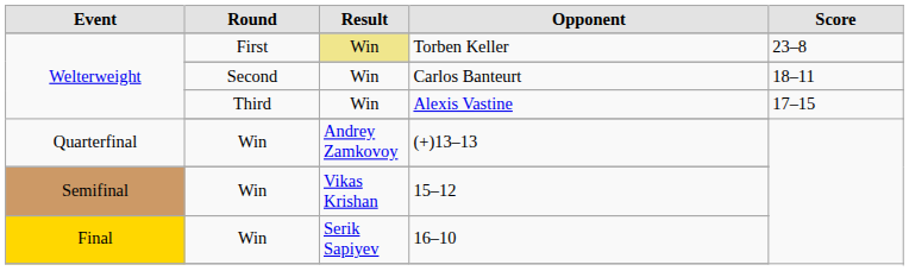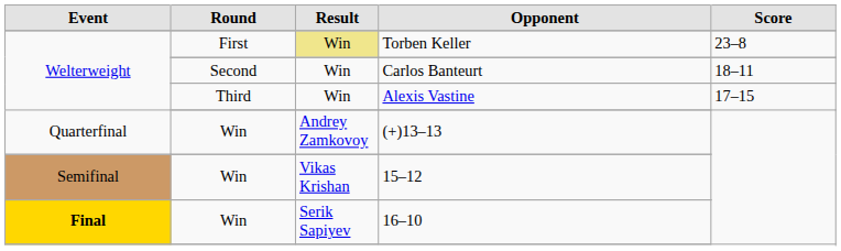 <table class="wikitable" style="font-size: 85%; text-align: left; width:45%">
 <tr>
 <th style='border-style: none none solid solid; background: #e3e3e3; width: 20%'><strong>Event</strong></th>
 <th style='border-style: none none solid solid; background: #e3e3e3; width: 15%'><strong>Round</strong></th>
 <th style='border-style: none none solid solid; background: #e3e3e3; width: 10%'><strong>Result</strong></th>
 <th style='border-style: none none solid solid; background: #e3e3e3; width: 40%'><strong>Opponent</strong></th>
 <th style='border-style: none none solid solid; background: #e3e3e3; width: 15%'><strong>Score</strong></th>
 </tr>
 <tr>
 </tr>
 <tr align=center>
 <td rowspan="6" style="text-align:center;"><a href='#'>Welterweight</a></td>
 <td align='center'>First</td>
 <td style="background: khaki;">Win</td>
 <td align='left'> Torben Keller</td>
 <td align='left'>23–8</td>
 </tr>
 <tr>
 </tr>
 <tr align=center>
 <td align='center'>Second</td>
 <td>Win</td>
 <td align='left'> Carlos Banteurt</td>
 <td align='left'>18–11</td>
 </tr>
 <tr>
 </tr>
 <tr align=center>
 <td align='center'>Third</td>
 <td>Win</td>
 <td align='left'> <a href='#'>Alexis Vastine</a></td>
 <td align='left'>17–15</td>
 </tr>
 <tr>
 </tr>
 <tr align=center>
 <td align='center'>Quarterfinal</td>
 <td>Win</td>
 <td align='left'> <a href='#'>Andrey Zamkovoy</a></td>
 <td align='left'>(+)13–13</td>
 </tr>
 <tr>
 </tr>
 <tr align=center>
 <td align='center'; bgcolor="#cc9966">Semifinal</td>
 <td>Win</td>
 <td align='left'> <a href='#'>Vikas Krishan</a></td>
 <td align='left'>15–12</td>
 </tr>
 <tr>
 </tr>
 <tr align=center>
-<td align='center'; bgcolor="gold">Final</td>
+<td align='center'; bgcolor="gold"><strong>Final</strong></td>
 <td>Win</td>
 <td align='left'> <a href='#'>Serik Sapiyev</a></td>
 <td align='left'>16–10</td>
 </tr>
 <tr>
 </tr>
 </table>
